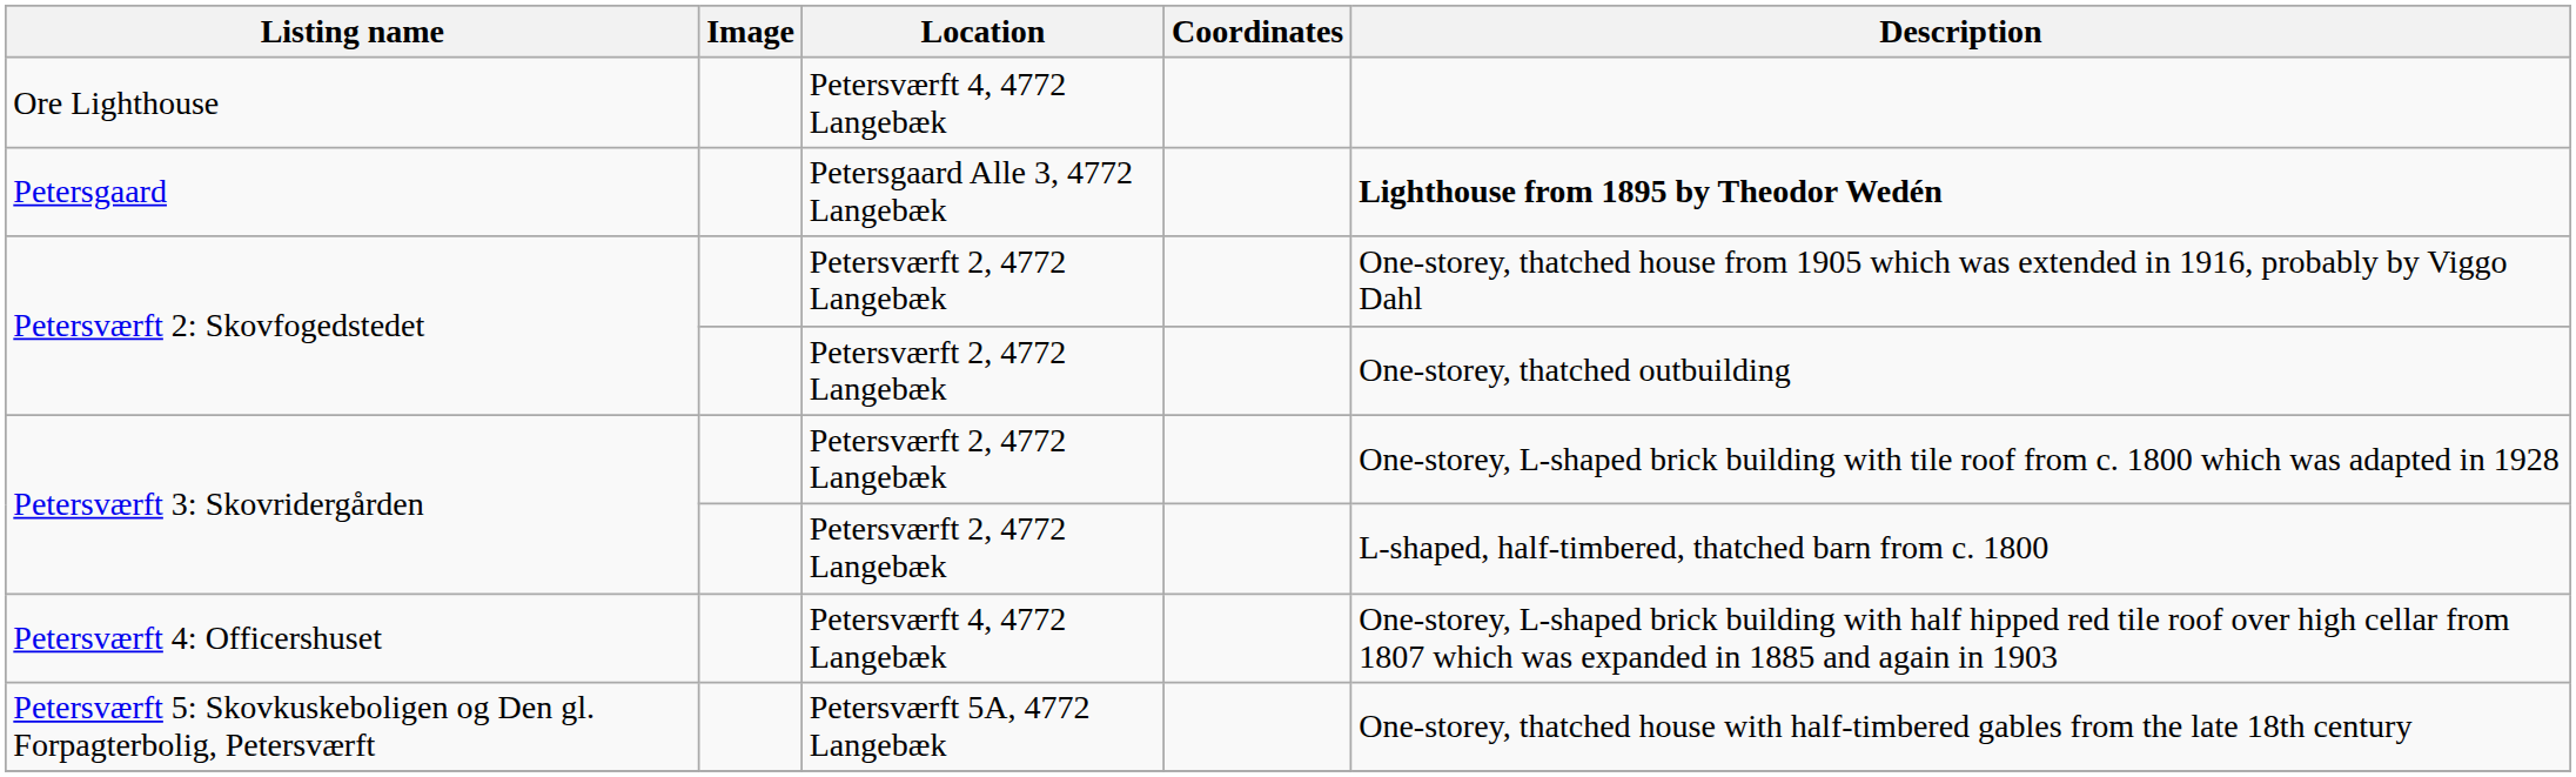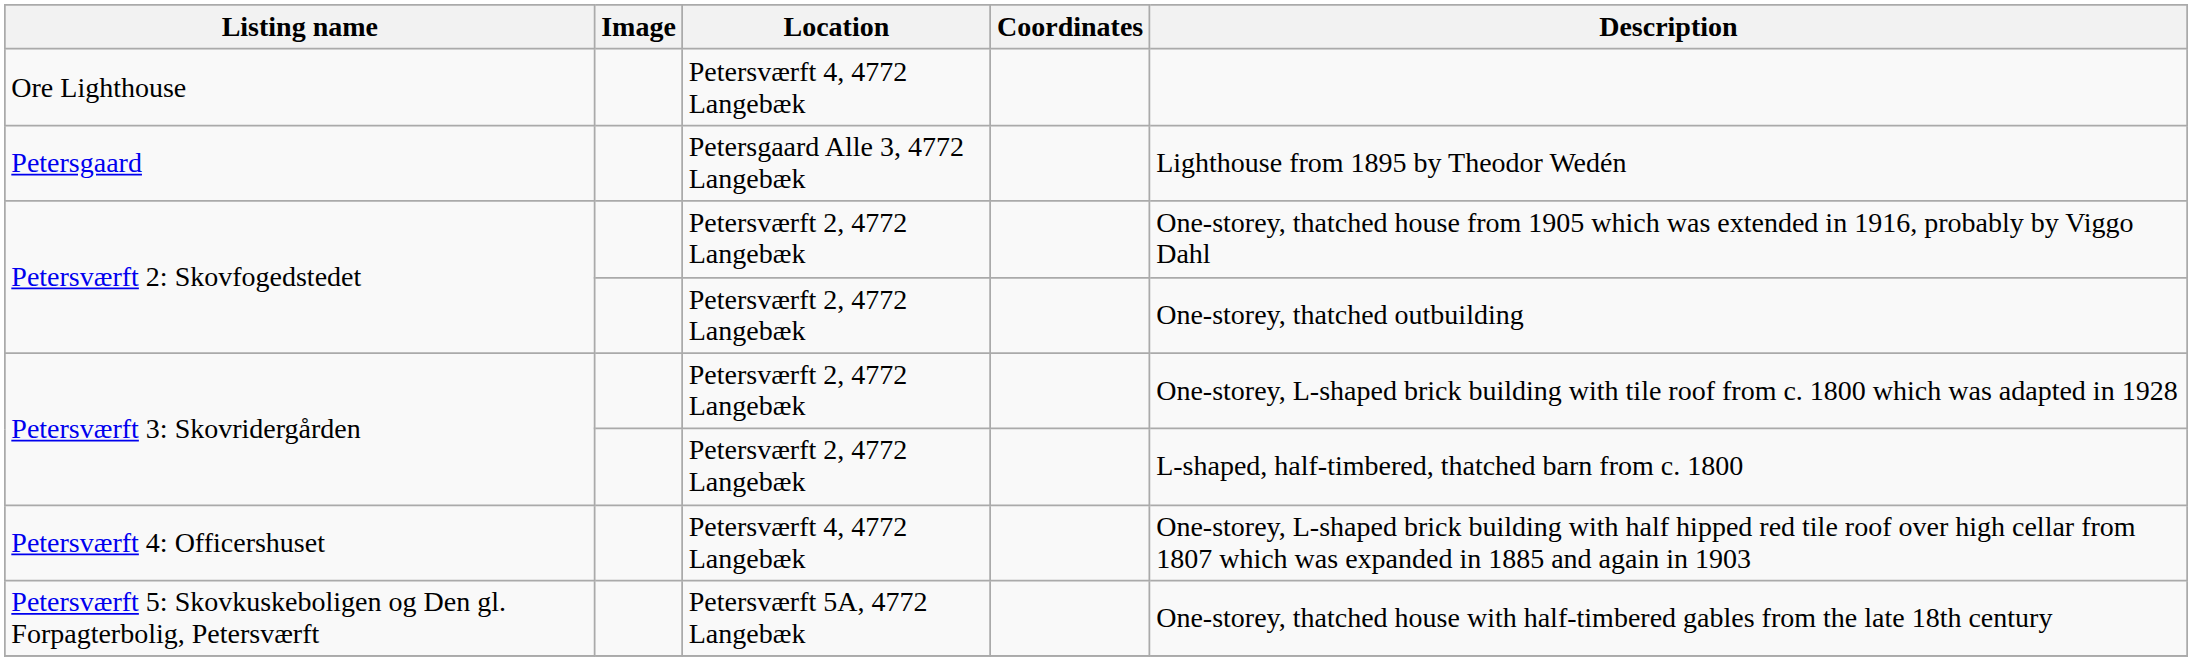 <table class="wikitable sortable">
 <tr>
 <th>Listing name</th>
 <th>Image</th>
 <th>Location</th>
 <th>Coordinates</th>
 <th>Description</th>
 </tr>
 <tr>
 <td>Ore Lighthouse</td>
 <td></td>
 <td>Petersværft 4, 4772 Langebæk</td>
 <td></td>
 <td></td>
 </tr>
 <tr>
 <td><a href='#'>Petersgaard</a></td>
 <td></td>
 <td>Petersgaard Alle 3, 4772 Langebæk</td>
 <td></td>
-<td><strong>Lighthouse from 1895 by Theodor Wedén</strong></td>
+<td>Lighthouse from 1895 by Theodor Wedén</td>
 </tr>
 <tr>
 <td rowspan="2"><a href='#'>Petersværft</a> 2: Skovfogedstedet</td>
 <td></td>
 <td>Petersværft 2, 4772 Langebæk</td>
 <td></td>
 <td>One-storey, thatched house from 1905 which was extended in 1916, probably by Viggo Dahl</td>
 </tr>
 <tr>
 <td></td>
 <td>Petersværft 2, 4772 Langebæk</td>
 <td></td>
 <td>One-storey, thatched outbuilding</td>
 </tr>
 <tr>
 <td rowspan="2"><a href='#'>Petersværft</a> 3: Skovridergården</td>
 <td></td>
 <td>Petersværft 2, 4772 Langebæk</td>
 <td></td>
 <td>One-storey, L-shaped brick building with tile roof from c. 1800 which was adapted in 1928</td>
 </tr>
 <tr>
 <td></td>
 <td>Petersværft 2, 4772 Langebæk</td>
 <td></td>
 <td>L-shaped, half-timbered, thatched barn from c. 1800</td>
 </tr>
 <tr>
 <td><a href='#'>Petersværft</a> 4: Officershuset</td>
 <td></td>
 <td>Petersværft 4, 4772 Langebæk</td>
 <td></td>
 <td>One-storey, L-shaped brick building with half hipped red tile roof over high cellar from 1807 which was expanded in 1885 and again in 1903</td>
 </tr>
 <tr>
 <td><a href='#'>Petersværft</a> 5: Skovkuskeboligen og Den gl. Forpagterbolig, Petersværft</td>
 <td></td>
 <td>Petersværft 5A, 4772 Langebæk</td>
 <td></td>
 <td>One-storey, thatched house with half-timbered gables from the late 18th century</td>
 </tr>
 <tr>
 </tr>
 </table>
